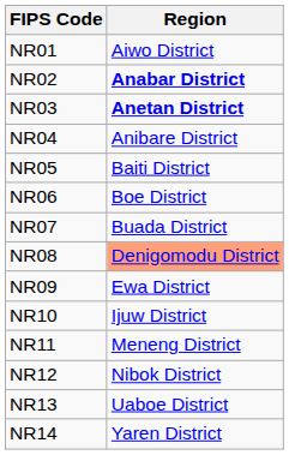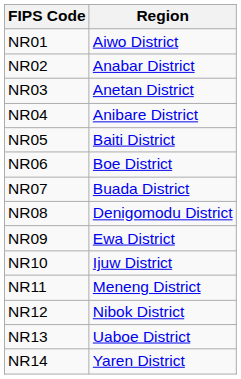 <table class="wikitable">
 <tr>
 <th>FIPS Code</th>
 <th>Region</th>
 </tr>
 <tr>
 <td>NR01</td>
 <td><a href='#'>Aiwo District</a></td>
 </tr>
 <tr>
 <td>NR02</td>
-<td><strong><a href='#'>Anabar District</a></strong></td>
+<td><a href='#'>Anabar District</a></td>
 </tr>
 <tr>
 <td>NR03</td>
-<td><strong><a href='#'>Anetan District</a></strong></td>
+<td><a href='#'>Anetan District</a></td>
 </tr>
 <tr>
 <td>NR04</td>
 <td><a href='#'>Anibare District</a></td>
 </tr>
 <tr>
 <td>NR05</td>
 <td><a href='#'>Baiti District</a></td>
 </tr>
 <tr>
 <td>NR06</td>
 <td><a href='#'>Boe District</a></td>
 </tr>
 <tr>
 <td>NR07</td>
 <td><a href='#'>Buada District</a></td>
 </tr>
 <tr>
 <td>NR08</td>
-<td style="background: lightsalmon;"><a href='#'>Denigomodu District</a></td>
+<td><a href='#'>Denigomodu District</a></td>
 </tr>
 <tr>
 <td>NR09</td>
 <td><a href='#'>Ewa District</a></td>
 </tr>
 <tr>
 <td>NR10</td>
 <td><a href='#'>Ijuw District</a></td>
 </tr>
 <tr>
 <td>NR11</td>
 <td><a href='#'>Meneng District</a></td>
 </tr>
 <tr>
 <td>NR12</td>
 <td><a href='#'>Nibok District</a></td>
 </tr>
 <tr>
 <td>NR13</td>
 <td><a href='#'>Uaboe District</a></td>
 </tr>
 <tr>
 <td>NR14</td>
 <td><a href='#'>Yaren District</a></td>
 </tr>
 </table>
